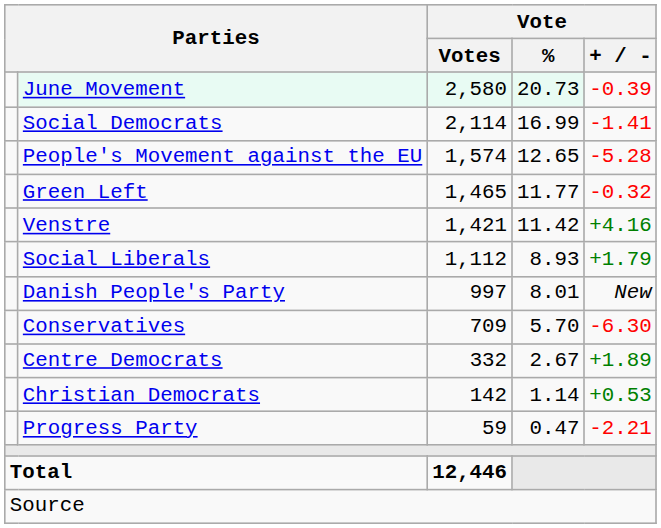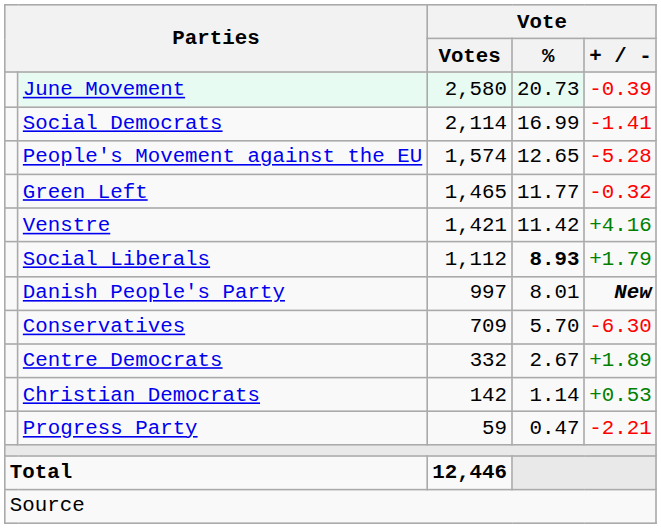 <table class="wikitable" style="text-align:right;">
 <tr>
 <th style="text-align:centre;" rowspan="2" colspan="2" width="225">Parties</th>
 <th colspan="3">Vote</th>
 </tr>
 <tr>
 <th width="15">Votes</th>
 <th width="15">%</th>
 <th width="15">+ / -</th>
 </tr>
 <tr>
 <td width="2" style="color:inherit;background:"></td>
 <td bgcolor=#e8fbf3   align="left"><a href='#'>June Movement</a></td>
 <td bgcolor=#e8fbf3>2,580</td>
 <td bgcolor=#e8fbf3>20.73</td>
 <td style=color:red;>-0.39</td>
 </tr>
 <tr>
 <td width="2" style="color:inherit;background:"></td>
 <td align="left"><a href='#'>Social Democrats</a></td>
 <td>2,114</td>
 <td>16.99</td>
 <td style=color:red;>-1.41</td>
 </tr>
 <tr>
 <td width="2" style="color:inherit;background:"></td>
 <td align="left"><a href='#'>People's Movement against the EU</a></td>
 <td>1,574</td>
 <td>12.65</td>
 <td style=color:red;>-5.28</td>
 </tr>
 <tr>
 <td width="2" style="color:inherit;background:"></td>
 <td align="left"><a href='#'>Green Left</a></td>
 <td>1,465</td>
 <td>11.77</td>
 <td style=color:red;>-0.32</td>
 </tr>
 <tr>
 <td width="2" style="color:inherit;background:"></td>
 <td align="left"><a href='#'>Venstre</a></td>
 <td>1,421</td>
 <td>11.42</td>
 <td style=color:green;>+4.16</td>
 </tr>
 <tr>
 <td width="2" style="color:inherit;background:"></td>
 <td align="left"><a href='#'>Social Liberals</a></td>
 <td>1,112</td>
-<td>8.93</td>
+<td><strong>8.93</strong></td>
 <td style=color:green;>+1.79</td>
 </tr>
 <tr>
 <td width="2" style="color:inherit;background:"></td>
 <td align="left"><a href='#'>Danish People's Party</a></td>
 <td>997</td>
 <td>8.01</td>
-<td><em>New</em></td>
+<td><strong><em>New</em></strong></td>
 </tr>
 <tr>
 <td width="2" style="color:inherit;background:"></td>
 <td align="left"><a href='#'>Conservatives</a></td>
 <td>709</td>
 <td>5.70</td>
 <td style=color:red;>-6.30</td>
 </tr>
 <tr>
 <td width="2" style="color:inherit;background:"></td>
 <td align="left"><a href='#'>Centre Democrats</a></td>
 <td>332</td>
 <td>2.67</td>
 <td style=color:green;>+1.89</td>
 </tr>
 <tr>
 <td width="2" style="color:inherit;background:"></td>
 <td align="left"><a href='#'>Christian Democrats</a></td>
 <td>142</td>
 <td>1.14</td>
 <td style=color:green;>+0.53</td>
 </tr>
 <tr>
 <td width="2" style="color:inherit;background:"></td>
 <td align="left"><a href='#'>Progress Party</a></td>
 <td>59</td>
 <td>0.47</td>
 <td style=color:red;>-2.21</td>
 </tr>
 <tr>
 <td colspan="7" bgcolor="#E9E9E9"></td>
 </tr>
 <tr>
 <td align="left" colspan="2"><strong>Total</strong></td>
 <td><strong>12,446</strong></td>
 <td bgcolor="#E9E9E9" colspan="2"></td>
 </tr>
 <tr>
 <td align="left" colspan="6">Source</td>
 </tr>
 </table>
